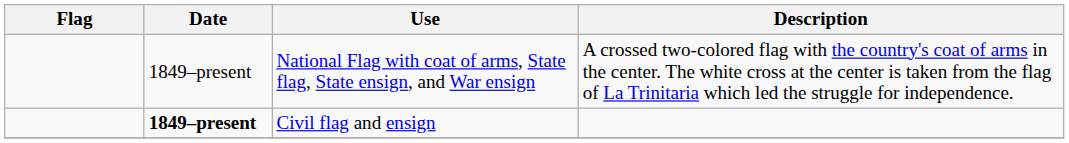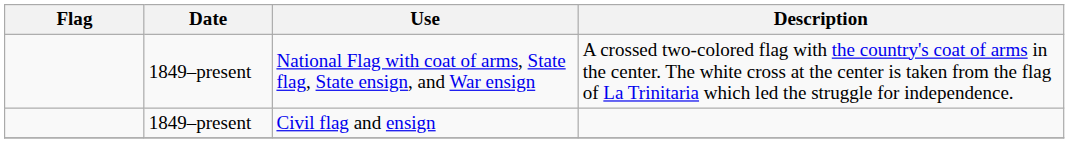 <table class="wikitable" style="background:#f9f9f9">
 <tr>
 <th width="110">Flag</th>
 <th width="100">Date</th>
 <th width="250">Use</th>
 <th width="400">Description</th>
 </tr>
 <tr>
 <td></td>
 <td>1849–present</td>
 <td><a href='#'>National Flag with coat of arms</a>, <a href='#'>State flag</a>, <a href='#'>State ensign</a>, and <a href='#'>War ensign</a></td>
 <td>A crossed two-colored flag with <a href='#'>the country's coat of arms</a> in the center. The white cross at the center is taken from the flag of <a href='#'>La Trinitaria</a> which led the struggle for independence.</td>
 </tr>
 <tr>
 <td></td>
-<td><strong>1849–present</strong></td>
+<td>1849–present</td>
 <td><a href='#'>Civil flag</a> and <a href='#'>ensign</a></td>
 <td></td>
 </tr>
 <tr>
 </tr>
 </table>
